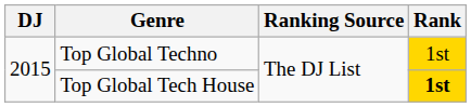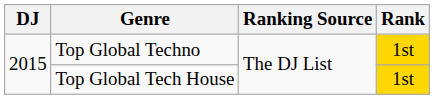 <table class=wikitable>
 <tr>
 <th>DJ</th>
 <th>Genre</th>
 <th>Ranking Source</th>
 <th>Rank</th>
 </tr>
 <tr>
 <td rowspan="2">2015</td>
 <td>Top Global Techno</td>
 <td rowspan="2">The DJ List</td>
 <td style="background:gold;text-align:center;">1st</td>
 </tr>
 <tr>
 <td>Top Global Tech House</td>
-<td style="background:gold;text-align:center;"><strong>1st</strong></td>
+<td style="background:gold;text-align:center;">1st</td>
 </tr>
 </table>
